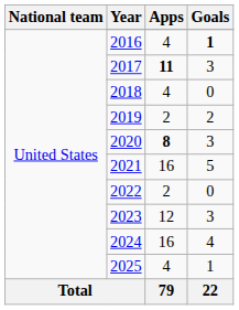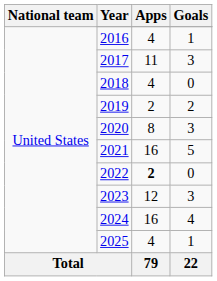 <table class="wikitable" style="text-align:center">
 <tr>
 <th>National team</th>
 <th>Year</th>
 <th>Apps</th>
 <th>Goals</th>
 </tr>
 <tr>
 <td rowspan=11><a href='#'>United States</a></td>
 </tr>
 <tr>
 <td><a href='#'>2016</a></td>
 <td>4</td>
-<td><strong>1</strong></td>
+<td>1</td>
 </tr>
 <tr>
 <td><a href='#'>2017</a></td>
-<td><strong>11</strong></td>
+<td>11</td>
 <td>3</td>
 </tr>
 <tr>
 <td><a href='#'>2018</a></td>
 <td>4</td>
 <td>0</td>
 </tr>
 <tr>
 <td><a href='#'>2019</a></td>
 <td>2</td>
 <td>2</td>
 </tr>
 <tr>
 <td><a href='#'>2020</a></td>
-<td><strong>8</strong></td>
+<td>8</td>
 <td>3</td>
 </tr>
 <tr>
 <td><a href='#'>2021</a></td>
 <td>16</td>
 <td>5</td>
 </tr>
 <tr>
 <td><a href='#'>2022</a></td>
-<td>2</td>
+<td><strong>2</strong></td>
 <td>0</td>
 </tr>
 <tr>
 <td><a href='#'>2023</a></td>
 <td>12</td>
 <td>3</td>
 </tr>
 <tr>
 <td><a href='#'>2024</a></td>
 <td>16</td>
 <td>4</td>
 </tr>
 <tr>
 <td><a href='#'>2025</a></td>
 <td>4</td>
 <td>1</td>
 </tr>
 <tr>
 <th colspan=2>Total</th>
 <th>79</th>
 <th>22</th>
 </tr>
 </table>
